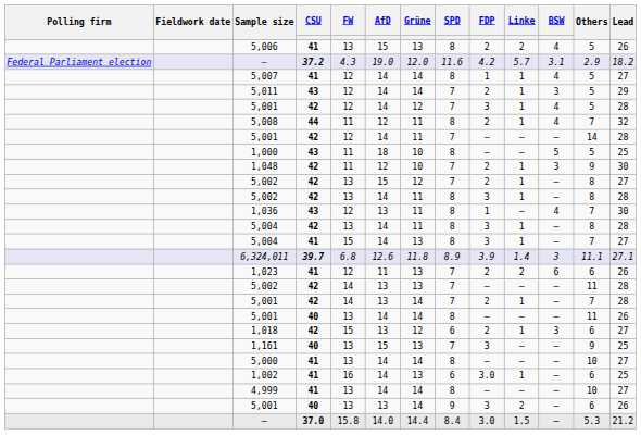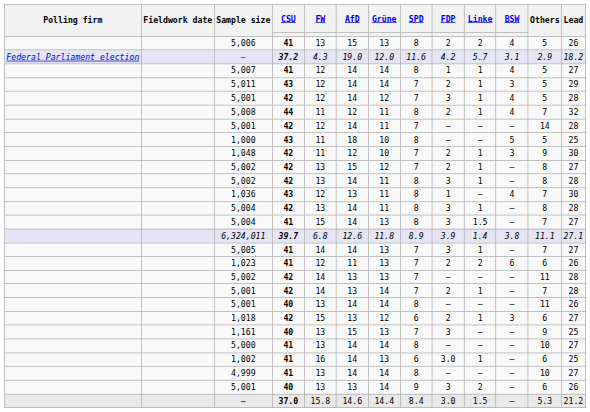 <table class="wikitable sortable mw-datatable" style="text-align:center;font-size:90%;line-height:14px;">
 <tr style="height:40px;">
 <th rowspan="2">Polling firm</th>
 <th rowspan="2">Fieldwork date</th>
 <th rowspan="2">Sample size</th>
 <th class="unsortable" style="width:40px;"><a href='#'>CSU</a></th>
 <th class="unsortable" style="width:40px;"><a href='#'>FW</a></th>
 <th class="unsortable" style="width:40px;"><a href='#'>AfD</a></th>
 <th class="unsortable" style="width:40px;"><a href='#'>Grüne</a></th>
 <th class="unsortable" style="width:40px;"><a href='#'>SPD</a></th>
 <th class="unsortable" style="width:40px;"><a href='#'>FDP</a></th>
 <th class="unsortable" style="width:40px;"><a href='#'>Linke</a></th>
 <th class="unsortable" style="width:40px;"><a href='#'>BSW</a></th>
 <th class="unsortable" style="width:40px;" rowspan="2">Others</th>
 <th rowspan="2">Lead</th>
 </tr>
 <tr>
 <th style="background:"></th>
 <th style="background:"></th>
 <th style="background:"></th>
 <th style="background:"></th>
 <th style="background:"></th>
 <th style="background:"></th>
 <th style="background:"></th>
 <th style="background:"></th>
 </tr>
 <tr>
 <td></td>
 <td></td>
 <td>5,006</td>
 <td><strong>41</strong></td>
 <td>13</td>
 <td>15</td>
 <td>13</td>
 <td>8</td>
 <td>2</td>
 <td>2</td>
 <td>4</td>
 <td>5</td>
 <td style="background:">26</td>
 </tr>
 <tr style="background:#E5E5F5;font-style:italic;">
 <td><a href='#'>Federal Parliament election</a></td>
 <td></td>
 <td>–</td>
 <td><strong>37.2</strong></td>
 <td>4.3</td>
 <td>19.0</td>
 <td>12.0</td>
 <td>11.6</td>
 <td>4.2</td>
 <td>5.7</td>
 <td>3.1</td>
 <td>2.9</td>
 <td style="background:">18.2</td>
 </tr>
 <tr>
 <td></td>
 <td></td>
 <td>5,007</td>
 <td><strong>41</strong></td>
 <td>12</td>
 <td>14</td>
 <td>14</td>
 <td>8</td>
 <td>1</td>
 <td>1</td>
 <td>4</td>
 <td>5</td>
 <td style="background:">27</td>
 </tr>
 <tr>
 <td></td>
 <td></td>
 <td>5,011</td>
 <td><strong>43</strong></td>
 <td>12</td>
 <td>14</td>
 <td>14</td>
 <td>7</td>
 <td>2</td>
 <td>1</td>
 <td>3</td>
 <td>5</td>
 <td style="background:">29</td>
 </tr>
 <tr>
 <td></td>
 <td></td>
 <td>5,001</td>
 <td><strong>42</strong></td>
 <td>12</td>
 <td>14</td>
 <td>12</td>
 <td>7</td>
 <td>3</td>
 <td>1</td>
 <td>4</td>
 <td>5</td>
 <td style="background:">28</td>
 </tr>
 <tr>
 <td></td>
 <td></td>
 <td>5,008</td>
 <td><strong>44</strong></td>
 <td>11</td>
 <td>12</td>
 <td>11</td>
 <td>8</td>
 <td>2</td>
 <td>1</td>
 <td>4</td>
 <td>7</td>
 <td style="background:">32</td>
 </tr>
 <tr>
 <td></td>
 <td></td>
 <td>5,001</td>
 <td><strong>42</strong></td>
 <td>12</td>
 <td>14</td>
 <td>11</td>
 <td>7</td>
 <td>–</td>
 <td>–</td>
 <td>–</td>
 <td>14</td>
 <td style="background:">28</td>
 </tr>
 <tr>
 <td></td>
 <td></td>
 <td>1,000</td>
 <td><strong>43</strong></td>
 <td>11</td>
 <td>18</td>
 <td>10</td>
 <td>8</td>
 <td>–</td>
 <td>–</td>
 <td>5</td>
 <td>5</td>
 <td style="background:">25</td>
 </tr>
 <tr>
 <td></td>
 <td></td>
 <td>1,048</td>
 <td><strong>42</strong></td>
 <td>11</td>
 <td>12</td>
 <td>10</td>
 <td>7</td>
 <td>2</td>
 <td>1</td>
 <td>3</td>
 <td>9</td>
 <td style="background:">30</td>
 </tr>
 <tr>
 <td></td>
 <td></td>
 <td>5,002</td>
 <td><strong>42</strong></td>
 <td>13</td>
 <td>15</td>
 <td>12</td>
 <td>7</td>
 <td>2</td>
 <td>1</td>
 <td>–</td>
 <td>8</td>
 <td style="background:">27</td>
 </tr>
 <tr>
 <td></td>
 <td></td>
 <td>5,002</td>
 <td><strong>42</strong></td>
 <td>13</td>
 <td>14</td>
 <td>11</td>
 <td>8</td>
 <td>3</td>
 <td>1</td>
 <td>–</td>
 <td>8</td>
 <td style="background:">28</td>
 </tr>
 <tr>
 <td></td>
 <td></td>
 <td>1,036</td>
 <td><strong>43</strong></td>
 <td>12</td>
 <td>13</td>
 <td>11</td>
 <td>8</td>
 <td>1</td>
 <td>–</td>
 <td>4</td>
 <td>7</td>
 <td style="background:">30</td>
 </tr>
 <tr>
 <td></td>
 <td></td>
 <td>5,004</td>
 <td><strong>42</strong></td>
 <td>13</td>
 <td>14</td>
 <td>11</td>
 <td>8</td>
 <td>3</td>
 <td>1</td>
 <td>–</td>
 <td>8</td>
 <td style="background:">28</td>
 </tr>
 <tr>
 <td></td>
 <td></td>
 <td>5,004</td>
 <td><strong>41</strong></td>
 <td>15</td>
 <td>14</td>
 <td>13</td>
 <td>8</td>
 <td>3</td>
-<td>1</td>
+<td>1.5</td>
 <td>–</td>
 <td>7</td>
 <td style="background:">27</td>
 </tr>
 <tr style="background:#E5E5F5;font-style:italic;">
 <td></td>
 <td></td>
 <td>6,324,011</td>
 <td><strong>39.7</strong></td>
 <td>6.8</td>
 <td>12.6</td>
 <td>11.8</td>
 <td>8.9</td>
 <td>3.9</td>
 <td>1.4</td>
-<td>3</td>
+<td>3.8</td>
 <td>11.1</td>
 <td style="background:">27.1</td>
+</tr>
+<tr>
+<td></td>
+<td></td>
+<td>5,005</td>
+<td><strong>41</strong></td>
+<td>14</td>
+<td>14</td>
+<td>13</td>
+<td>7</td>
+<td>3</td>
+<td>1</td>
+<td>–</td>
+<td>7</td>
+<td style="background:">27</td>
 </tr>
 <tr>
 <td></td>
 <td></td>
 <td>1,023</td>
 <td><strong>41</strong></td>
 <td>12</td>
 <td>11</td>
 <td>13</td>
 <td>7</td>
 <td>2</td>
 <td>2</td>
 <td>6</td>
 <td>6</td>
 <td style="background:">26</td>
 </tr>
 <tr>
 <td></td>
 <td></td>
 <td>5,002</td>
 <td><strong>42</strong></td>
 <td>14</td>
 <td>13</td>
 <td>13</td>
 <td>7</td>
 <td>–</td>
 <td>–</td>
 <td>–</td>
 <td>11</td>
 <td style="background:">28</td>
 </tr>
 <tr>
 <td></td>
 <td></td>
 <td>5,001</td>
 <td><strong>42</strong></td>
 <td>14</td>
 <td>13</td>
 <td>14</td>
 <td>7</td>
 <td>2</td>
 <td>1</td>
 <td>–</td>
 <td>7</td>
 <td style="background:">28</td>
 </tr>
 <tr>
 <td></td>
 <td></td>
 <td>5,001</td>
 <td><strong>40</strong></td>
 <td>13</td>
 <td>14</td>
 <td>14</td>
 <td>8</td>
 <td>–</td>
 <td>–</td>
 <td>–</td>
 <td>11</td>
 <td style="background:">26</td>
 </tr>
 <tr>
 <td></td>
 <td></td>
 <td>1,018</td>
 <td><strong>42</strong></td>
 <td>15</td>
 <td>13</td>
 <td>12</td>
 <td>6</td>
 <td>2</td>
 <td>1</td>
 <td>3</td>
 <td>6</td>
 <td style="background:">27</td>
 </tr>
 <tr>
 <td></td>
 <td></td>
 <td>1,161</td>
 <td><strong>40</strong></td>
 <td>13</td>
 <td>15</td>
 <td>13</td>
 <td>7</td>
 <td>3</td>
 <td>–</td>
 <td>–</td>
 <td>9</td>
 <td style="background:">25</td>
 </tr>
 <tr>
 <td></td>
 <td></td>
 <td>5,000</td>
 <td><strong>41</strong></td>
 <td>13</td>
 <td>14</td>
 <td>14</td>
 <td>8</td>
 <td>–</td>
 <td>–</td>
 <td>–</td>
 <td>10</td>
 <td style="background:">27</td>
 </tr>
 <tr>
 <td></td>
 <td></td>
 <td>1,002</td>
 <td><strong>41</strong></td>
 <td>16</td>
 <td>14</td>
 <td>13</td>
 <td>6</td>
 <td>3.0</td>
 <td>1</td>
 <td>–</td>
 <td>6</td>
 <td style="background:">25</td>
 </tr>
 <tr>
 <td></td>
 <td></td>
 <td>4,999</td>
 <td><strong>41</strong></td>
 <td>13</td>
 <td>14</td>
 <td>14</td>
 <td>8</td>
 <td>–</td>
 <td>–</td>
 <td>–</td>
 <td>10</td>
 <td style="background:">27</td>
 </tr>
 <tr>
 <td></td>
 <td></td>
 <td>5,001</td>
 <td><strong>40</strong></td>
 <td>13</td>
 <td>13</td>
 <td>14</td>
 <td>9</td>
 <td>3</td>
 <td>2</td>
 <td>–</td>
 <td>6</td>
 <td style="background:">26</td>
 </tr>
 <tr style="background:#E9E9E9;">
 <td></td>
 <td></td>
 <td>–</td>
 <td><strong>37.0</strong></td>
 <td>15.8</td>
-<td>14.0</td>
+<td>14.6</td>
 <td>14.4</td>
 <td>8.4</td>
 <td>3.0</td>
 <td>1.5</td>
 <td>–</td>
 <td>5.3</td>
 <td style="background:">21.2</td>
 </tr>
 </table>
